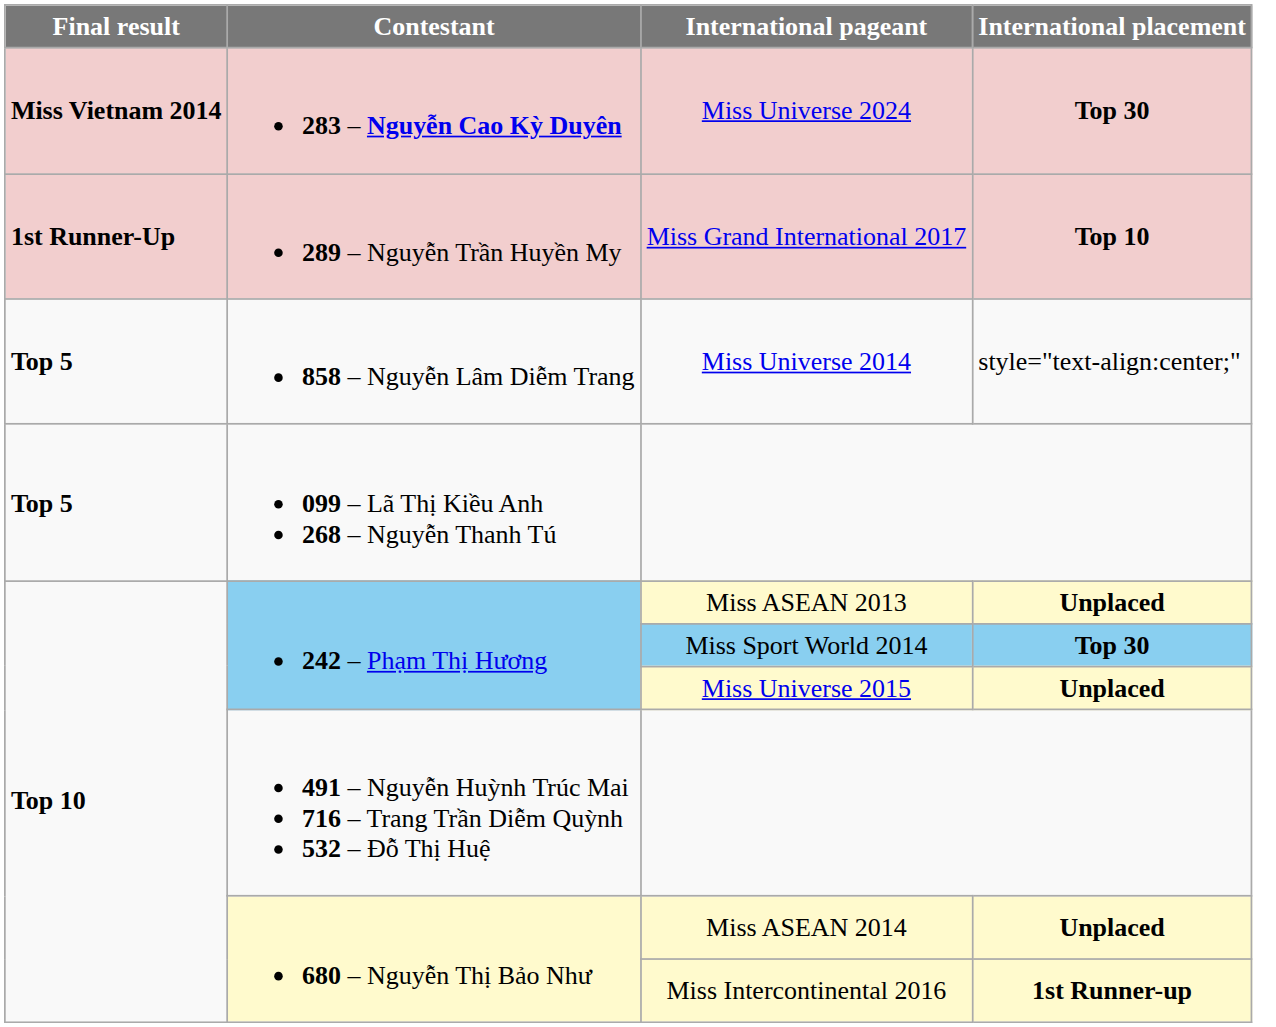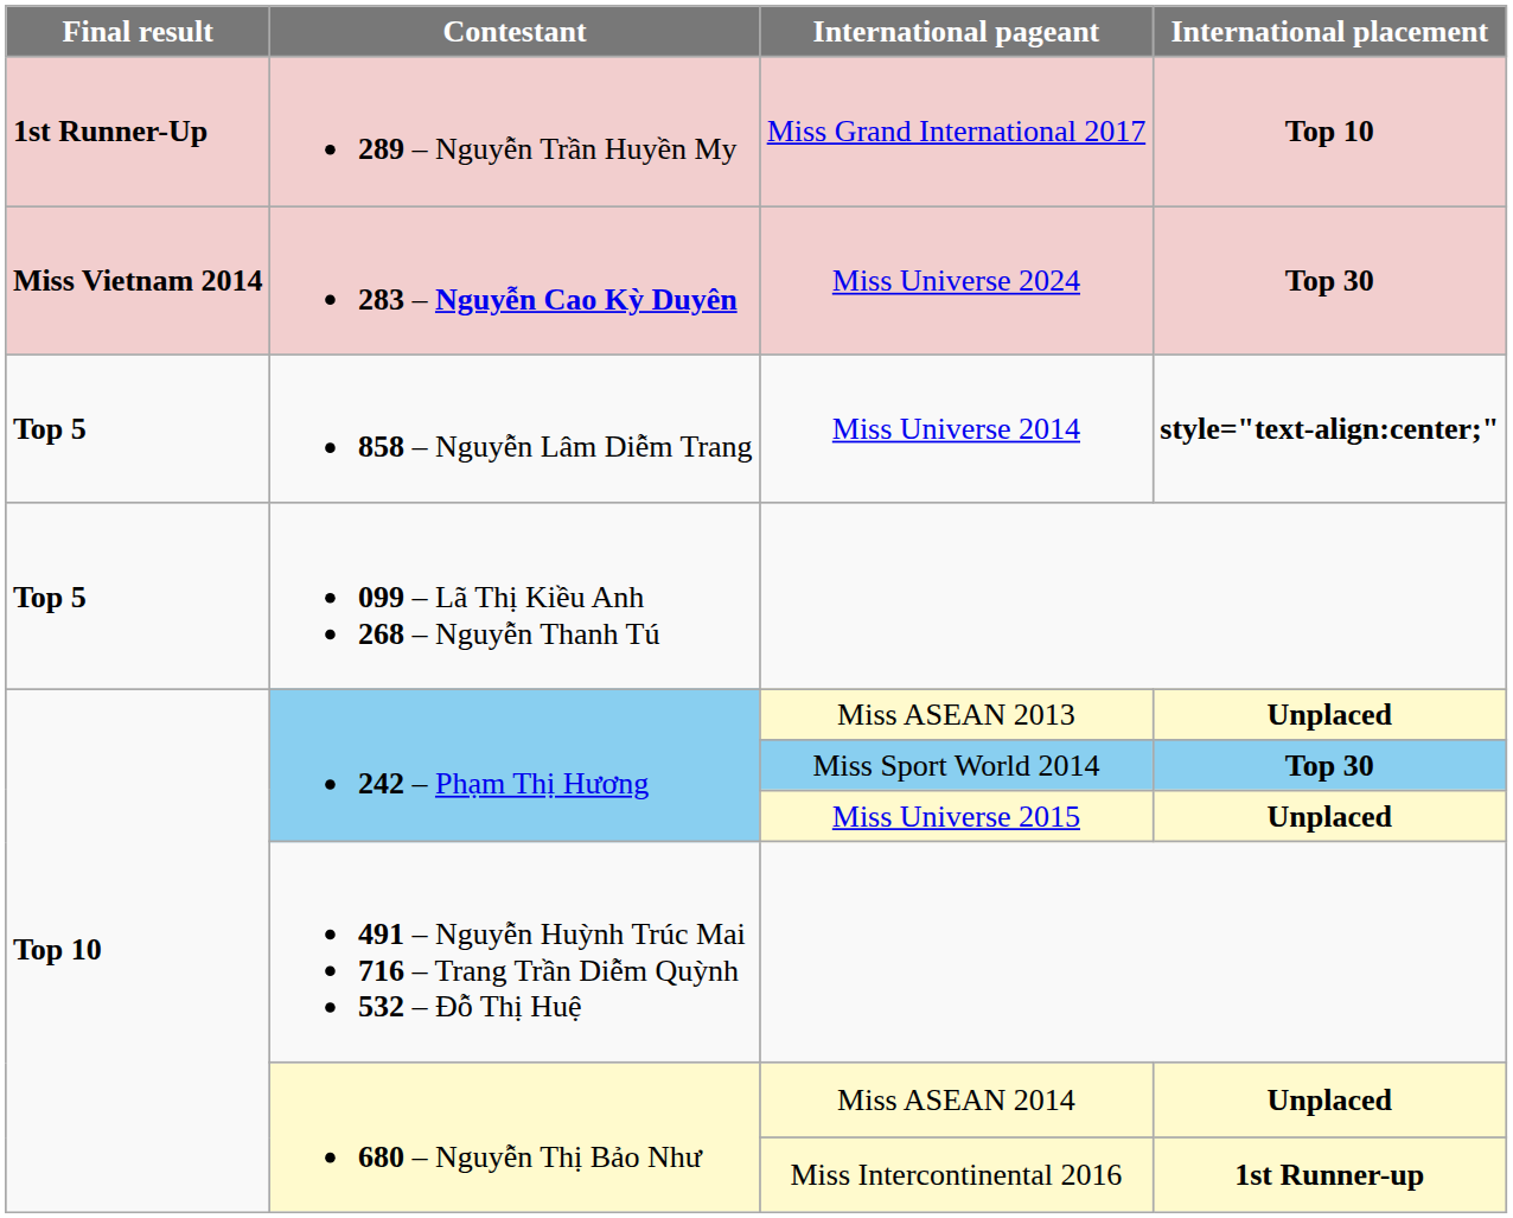 <table class="wikitable sortable" style="font-size: 95%;">
 <tr>
 <th style="background-color:#787878;color:#FFFFFF;">Final result</th>
 <th style="background-color:#787878;color:#FFFFFF;">Contestant</th>
 <th style="background-color:#787878;color:#FFFFFF;">International pageant</th>
 <th style="background-color:#787878;color:#FFFFFF;">International placement</th>
 </tr>
 <tr style="background:#F2CECE;">
+<td><strong>1st Runner-Up</strong></td>
+<td><br><ul><li><strong>289</strong> – Nguyễn Trần Huyền My</li></ul></td>
+<td style="text-align:center;"><a href='#'>Miss Grand International 2017</a></td>
+<td style="text-align:center;"><strong>Top 10</strong></td>
+</tr>
+<tr style="background:#F2CECE;">
 <td><strong>Miss Vietnam 2014</strong></td>
 <td><br><ul><li><strong>283</strong> – <strong><a href='#'>Nguyễn Cao Kỳ Duyên</a></strong></li></ul></td>
 <td style="text-align:center;"><a href='#'>Miss Universe 2024</a></td>
 <td style="text-align:center;"><strong>Top 30</strong></td>
 </tr>
-<tr style="background:#F2CECE;">
-<td><strong>1st Runner-Up</strong></td>
-<td><br><ul><li><strong>289</strong> – Nguyễn Trần Huyền My</li></ul></td>
-<td style="text-align:center;"><a href='#'>Miss Grand International 2017</a></td>
-<td style="text-align:center;"><strong>Top 10</strong></td>
-</tr>
 <tr>
 <td><strong>Top 5</strong></td>
 <td><br><ul><li><strong>858</strong> – Nguyễn Lâm Diễm Trang</li></ul></td>
 <td style="text-align:center;"><a href='#'>Miss Universe 2014</a></td>
-<td>style="text-align:center;" </td>
+<td><strong>style="text-align:center;" </strong></td>
 </tr>
 <tr>
 <td><strong>Top 5</strong></td>
 <td><br><ul><li><strong>099</strong> – Lã Thị Kiều Anh</li><li><strong>268</strong> – Nguyễn Thanh Tú</li></ul></td>
 </tr>
 <tr>
 <td rowspan="6"><strong>Top 10</strong></td>
 <td rowspan="3" style="background:#89CFF0;"><br><ul><li><strong>242</strong> – <a href='#'>Phạm Thị Hương</a></li></ul></td>
 <td style="background:#FFFACD; text-align:center;">Miss ASEAN 2013</td>
 <td style="background:#FFFACD; text-align:center;"><strong>Unplaced</strong></td>
 </tr>
 <tr style="background:#89CFF0;">
 <td style="text-align:center;">Miss Sport World 2014</td>
 <td style="text-align:center;"><strong>Top 30</strong></td>
 </tr>
 <tr style="background:#FFFACD;">
 <td style="text-align:center;"><a href='#'>Miss Universe 2015</a></td>
 <td style="text-align:center;"><strong>Unplaced</strong></td>
 </tr>
 <tr>
 <td><br><ul><li><strong>491</strong> – Nguyễn Huỳnh Trúc Mai</li><li><strong>716</strong> – Trang Trần Diễm Quỳnh</li><li><strong>532</strong> – Đỗ Thị Huệ</li></ul></td>
 </tr>
 <tr>
 <td rowspan="2" style="background:#FFFACD;"><br><ul><li><strong>680</strong> – Nguyễn Thị Bảo Như</li></ul></td>
 <td style="background:#FFFACD; text-align:center;">Miss ASEAN 2014</td>
 <td style="background:#FFFACD; text-align:center;"><strong>Unplaced</strong></td>
 </tr>
 <tr style="background:#FFFACD;">
 <td style="text-align:center;">Miss Intercontinental 2016</td>
 <td style="text-align:center;"><strong>1st Runner-up</strong></td>
 </tr>
 </table>
